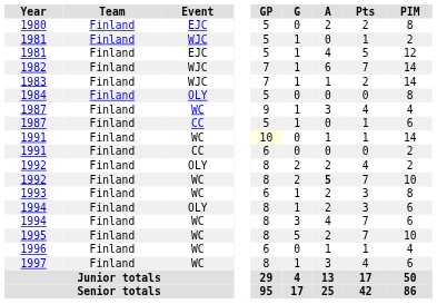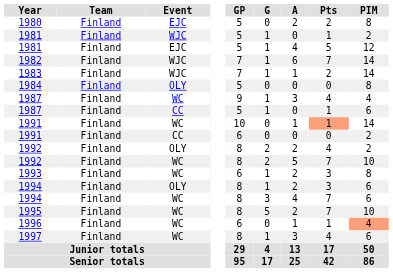 <table border="0" cellpadding="1" cellspacing="0" style="text-align:center; width:40em">
 <tr ALIGN="center" bgcolor="#e0e0e0">
 <th>Year</th>
 <th>Team</th>
 <th>Event</th>
 <th rowspan="99" bgcolor="#ffffff"> </th>
 <th>GP</th>
 <th>G</th>
 <th>A</th>
 <th>Pts</th>
 <th>PIM</th>
 </tr>
 <tr>
 <td><a href='#'>1980</a></td>
 <td><a href='#'>Finland</a></td>
 <td><a href='#'>EJC</a></td>
 <td>5</td>
 <td>0</td>
 <td>2</td>
 <td>2</td>
 <td>8</td>
 </tr>
 <tr bgcolor="#f0f0f0">
 <td><a href='#'>1981</a></td>
 <td><a href='#'>Finland</a></td>
 <td><a href='#'>WJC</a></td>
 <td>5</td>
 <td>1</td>
 <td>0</td>
 <td>1</td>
 <td>2</td>
 </tr>
 <tr>
 <td><a href='#'>1981</a></td>
 <td>Finland</td>
 <td>EJC</td>
 <td>5</td>
 <td>1</td>
 <td>4</td>
 <td>5</td>
 <td>12</td>
 </tr>
 <tr bgcolor="#f0f0f0">
 <td><a href='#'>1982</a></td>
 <td>Finland</td>
 <td>WJC</td>
 <td>7</td>
 <td>1</td>
 <td>6</td>
 <td>7</td>
 <td>14</td>
 </tr>
 <tr>
 <td><a href='#'>1983</a></td>
 <td>Finland</td>
 <td>WJC</td>
 <td>7</td>
 <td>1</td>
 <td>1</td>
 <td>2</td>
 <td>14</td>
 </tr>
 <tr bgcolor="#f0f0f0">
 <td><a href='#'>1984</a></td>
 <td><a href='#'>Finland</a></td>
 <td><a href='#'>OLY</a></td>
 <td>5</td>
 <td>0</td>
 <td>0</td>
 <td>0</td>
 <td>8</td>
 </tr>
 <tr>
 <td><a href='#'>1987</a></td>
 <td>Finland</td>
 <td><a href='#'>WC</a></td>
 <td>9</td>
 <td>1</td>
 <td>3</td>
 <td>4</td>
 <td>4</td>
 </tr>
 <tr bgcolor="#f0f0f0">
 <td><a href='#'>1987</a></td>
 <td>Finland</td>
 <td><a href='#'>CC</a></td>
 <td>5</td>
 <td>1</td>
 <td>0</td>
 <td>1</td>
 <td>6</td>
 </tr>
 <tr>
 <td><a href='#'>1991</a></td>
 <td>Finland</td>
 <td>WC</td>
-<td style="background: lightyellow;">10</td>
+<td>10</td>
 <td>0</td>
 <td>1</td>
-<td>1</td>
+<td style="background: lightsalmon;">1</td>
 <td>14</td>
 </tr>
 <tr bgcolor="#f0f0f0">
 <td><a href='#'>1991</a></td>
 <td>Finland</td>
 <td>CC</td>
 <td>6</td>
 <td>0</td>
 <td>0</td>
 <td>0</td>
 <td>2</td>
 </tr>
 <tr>
 <td><a href='#'>1992</a></td>
 <td>Finland</td>
 <td>OLY</td>
 <td>8</td>
 <td>2</td>
 <td>2</td>
 <td>4</td>
 <td>2</td>
 </tr>
 <tr bgcolor="#f0f0f0">
 <td><a href='#'>1992</a></td>
 <td>Finland</td>
 <td>WC</td>
 <td>8</td>
 <td>2</td>
-<td><strong>5</strong></td>
+<td>5</td>
 <td>7</td>
 <td>10</td>
 </tr>
 <tr>
 <td><a href='#'>1993</a></td>
 <td>Finland</td>
 <td>WC</td>
 <td>6</td>
 <td>1</td>
 <td>2</td>
 <td>3</td>
 <td>8</td>
 </tr>
 <tr bgcolor="#f0f0f0">
 <td><a href='#'>1994</a></td>
 <td>Finland</td>
 <td>OLY</td>
 <td>8</td>
 <td>1</td>
 <td>2</td>
 <td>3</td>
 <td>6</td>
 </tr>
 <tr>
 <td><a href='#'>1994</a></td>
 <td>Finland</td>
 <td>WC</td>
 <td>8</td>
 <td>3</td>
 <td>4</td>
 <td>7</td>
 <td>6</td>
 </tr>
 <tr bgcolor="#f0f0f0">
 <td><a href='#'>1995</a></td>
 <td>Finland</td>
 <td>WC</td>
 <td>8</td>
 <td>5</td>
 <td>2</td>
 <td>7</td>
 <td>10</td>
 </tr>
 <tr>
 <td><a href='#'>1996</a></td>
 <td>Finland</td>
 <td>WC</td>
 <td>6</td>
 <td>0</td>
 <td>1</td>
 <td>1</td>
-<td>4</td>
+<td style="background: lightsalmon;">4</td>
 </tr>
 <tr bgcolor="#f0f0f0">
 <td><a href='#'>1997</a></td>
 <td>Finland</td>
 <td>WC</td>
 <td>8</td>
 <td>1</td>
 <td>3</td>
 <td>4</td>
 <td>6</td>
 </tr>
 <tr bgcolor="#e0e0e0">
 <th colspan=3>Junior totals</th>
 <th>29</th>
 <th>4</th>
 <th>13</th>
 <th>17</th>
 <th>50</th>
 </tr>
 <tr bgcolor="#e0e0e0">
 <th colspan=3>Senior totals</th>
 <th>95</th>
 <th>17</th>
 <th>25</th>
 <th>42</th>
 <th>86</th>
 </tr>
 </table>
